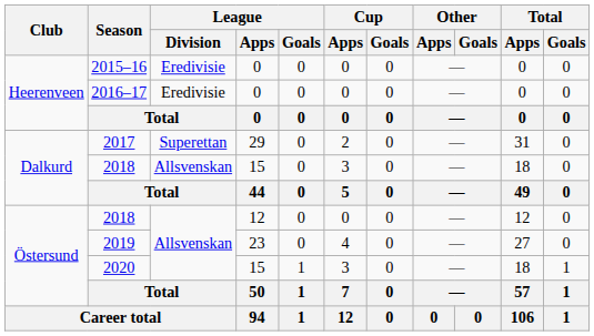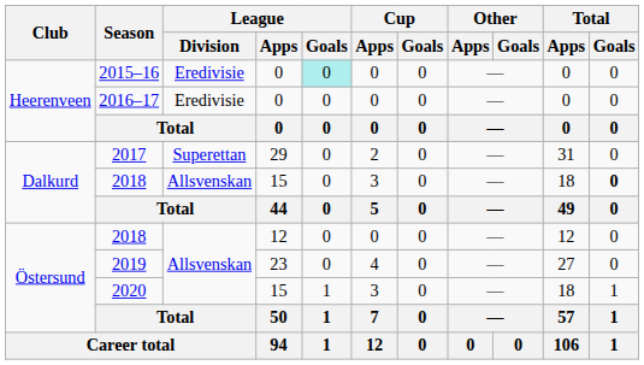 <table class="wikitable" style="text-align: center;">
 <tr>
 <th rowspan="2">Club</th>
 <th rowspan="2">Season</th>
 <th colspan="3">League</th>
 <th colspan="2">Cup</th>
 <th colspan="2">Other</th>
 <th colspan="2">Total</th>
 </tr>
 <tr>
 <th>Division</th>
 <th>Apps</th>
 <th>Goals</th>
 <th>Apps</th>
 <th>Goals</th>
 <th>Apps</th>
 <th>Goals</th>
 <th>Apps</th>
 <th>Goals</th>
 </tr>
 <tr>
 <td rowspan="3"><a href='#'>Heerenveen</a></td>
 <td><a href='#'>2015–16</a></td>
 <td><a href='#'>Eredivisie</a></td>
 <td>0</td>
-<td>0</td>
+<td style="background: paleturquoise;">0</td>
 <td>0</td>
 <td>0</td>
 <td colspan="2">—</td>
 <td>0</td>
 <td>0</td>
 </tr>
 <tr>
 <td><a href='#'>2016–17</a></td>
 <td>Eredivisie</td>
 <td>0</td>
 <td>0</td>
 <td>0</td>
 <td>0</td>
 <td colspan="2">—</td>
 <td>0</td>
 <td>0</td>
 </tr>
 <tr>
 <th colspan="2">Total</th>
 <th>0</th>
 <th>0</th>
 <th>0</th>
 <th>0</th>
 <th colspan="2">—</th>
 <th>0</th>
 <th>0</th>
 </tr>
 <tr>
 <td rowspan="3"><a href='#'>Dalkurd</a></td>
 <td><a href='#'>2017</a></td>
 <td><a href='#'>Superettan</a></td>
 <td>29</td>
 <td>0</td>
 <td>2</td>
 <td>0</td>
 <td colspan="2">—</td>
 <td>31</td>
 <td>0</td>
 </tr>
 <tr>
 <td><a href='#'>2018</a></td>
 <td><a href='#'>Allsvenskan</a></td>
 <td>15</td>
 <td>0</td>
 <td>3</td>
 <td>0</td>
 <td colspan="2">—</td>
 <td>18</td>
-<td>0</td>
+<td><strong>0</strong></td>
 </tr>
 <tr>
 <th colspan="2">Total</th>
 <th>44</th>
 <th>0</th>
 <th>5</th>
 <th>0</th>
 <th colspan="2">—</th>
 <th>49</th>
 <th>0</th>
 </tr>
 <tr>
 <td rowspan="4"><a href='#'>Östersund</a></td>
 <td><a href='#'>2018</a></td>
 <td rowspan="3"><a href='#'>Allsvenskan</a></td>
 <td>12</td>
 <td>0</td>
 <td>0</td>
 <td>0</td>
 <td colspan="2">—</td>
 <td>12</td>
 <td>0</td>
 </tr>
 <tr>
 <td><a href='#'>2019</a></td>
 <td>23</td>
 <td>0</td>
 <td>4</td>
 <td>0</td>
 <td colspan="2">—</td>
 <td>27</td>
 <td>0</td>
 </tr>
 <tr>
 <td><a href='#'>2020</a></td>
 <td>15</td>
 <td>1</td>
 <td>3</td>
 <td>0</td>
 <td colspan="2">—</td>
 <td>18</td>
 <td>1</td>
 </tr>
 <tr>
 <th colspan="2">Total</th>
 <th>50</th>
 <th>1</th>
 <th>7</th>
 <th>0</th>
 <th colspan="2">—</th>
 <th>57</th>
 <th>1</th>
 </tr>
 <tr>
 <th colspan="3">Career total</th>
 <th>94</th>
 <th>1</th>
 <th>12</th>
 <th>0</th>
 <th>0</th>
 <th>0</th>
 <th>106</th>
 <th>1</th>
 </tr>
 </table>
